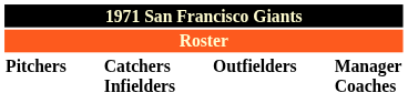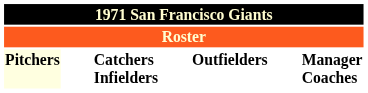 <table class="toccolours" style="font-size: 95%;">
 <tr>
 <th colspan="10" style="background-color: black; color: #FFFDD0; text-align: center;">1971 San Francisco Giants</th>
 </tr>
 <tr>
 <td colspan="10" style="background-color: #fd5a1e; color: #FFFDD0; text-align: center;"><strong>Roster</strong></td>
 </tr>
 <tr>
-<td valign="top"><strong>Pitchers</strong><br>            </td>
+<td valign="top" style="background: lightyellow;"><strong>Pitchers</strong><br>            </td>
 <td width="25px"></td>
 <td valign="top"><strong>Catchers</strong><br>    <strong>Infielders</strong>            </td>
 <td width="25px"></td>
 <td valign="top"><strong>Outfielders</strong><br>       </td>
 <td width="25px"></td>
 <td valign="top"><strong>Manager</strong><br> <strong>Coaches</strong>    </td>
 </tr>
 <tr>
 </tr>
 </table>
